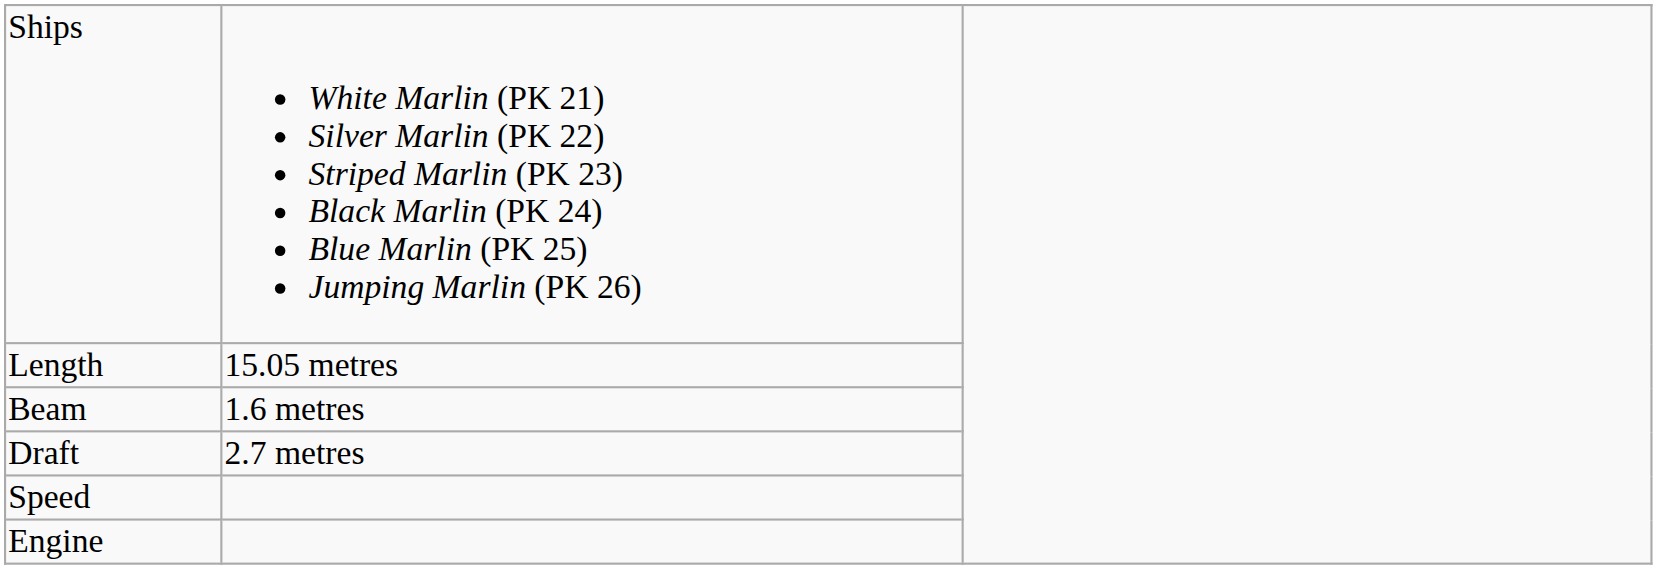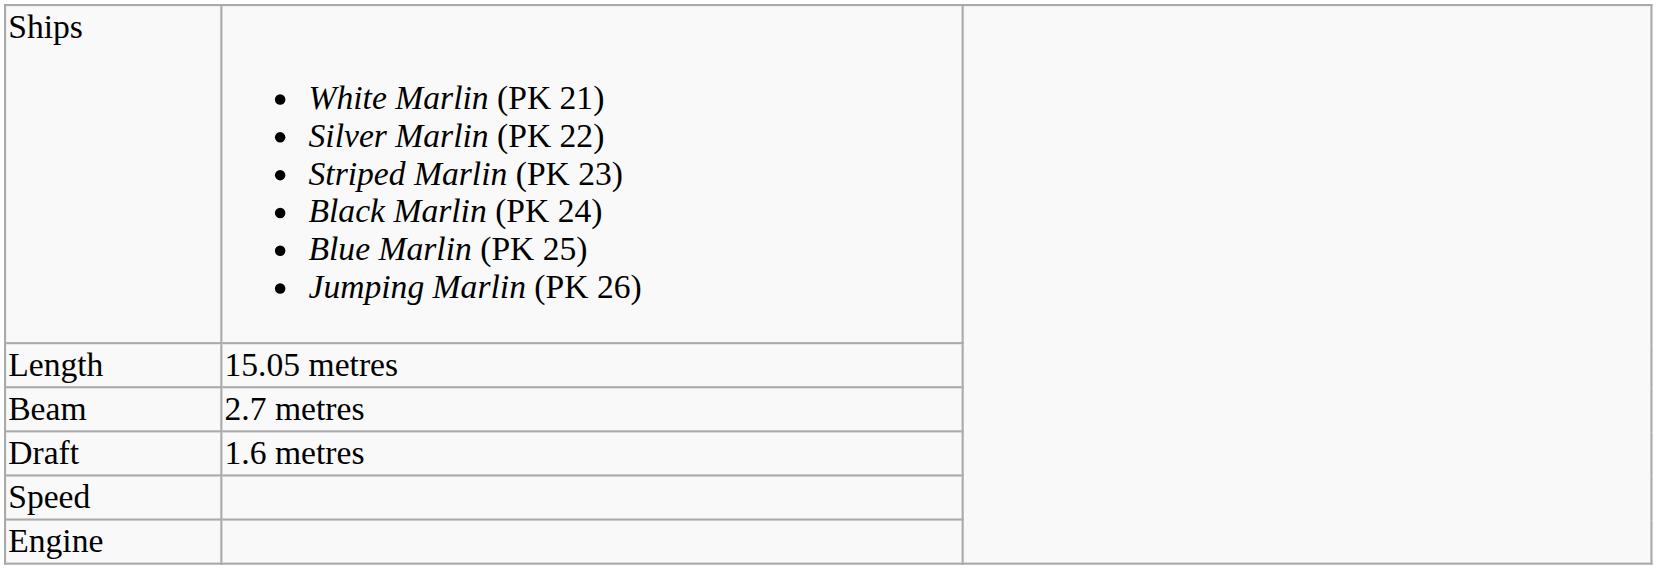 <table align="left" border="1" style="background: #F9F9F9; border: 1px solid #AAA; border-collapse: collapse">
 <tr>
 <td valign="top" width="100">Ships</td>
 <td valign="top" width="350"><br><ul><li><em>White Marlin</em> (PK 21)</li><li><em>Silver Marlin</em> (PK 22)</li><li><em>Striped Marlin</em> (PK 23)</li><li><em>Black Marlin</em> (PK 24)</li><li><em>Blue Marlin</em> (PK 25)</li><li><em>Jumping Marlin</em> (PK 26)</li></ul></td>
 <td rowspan="6" width="325"></td>
 </tr>
 <tr>
 <td valign="top" width="100">Length</td>
 <td valign="top" width="350">15.05 metres</td>
 </tr>
 <tr>
 <td valign="top" width="100">Beam</td>
-<td valign="top" width="350">1.6 metres</td>
+<td valign="top" width="350">2.7 metres</td>
 </tr>
 <tr>
 <td valign="top" width="100">Draft</td>
-<td valign="top" width="350">2.7 metres</td>
+<td valign="top" width="350">1.6 metres</td>
 </tr>
 <tr>
 <td valign="top" width="100">Speed</td>
 <td valign="top" width="350"></td>
 </tr>
 <tr>
 <td valign="top" width="100">Engine</td>
 <td valign="top" width="350"></td>
 </tr>
 </table>
